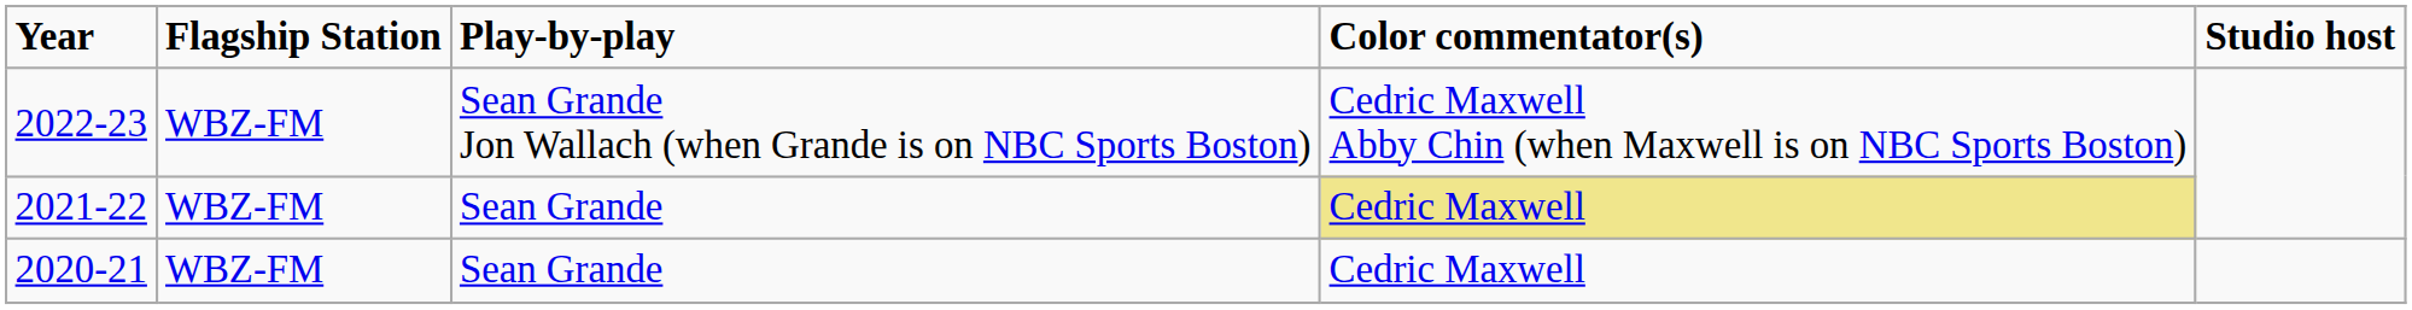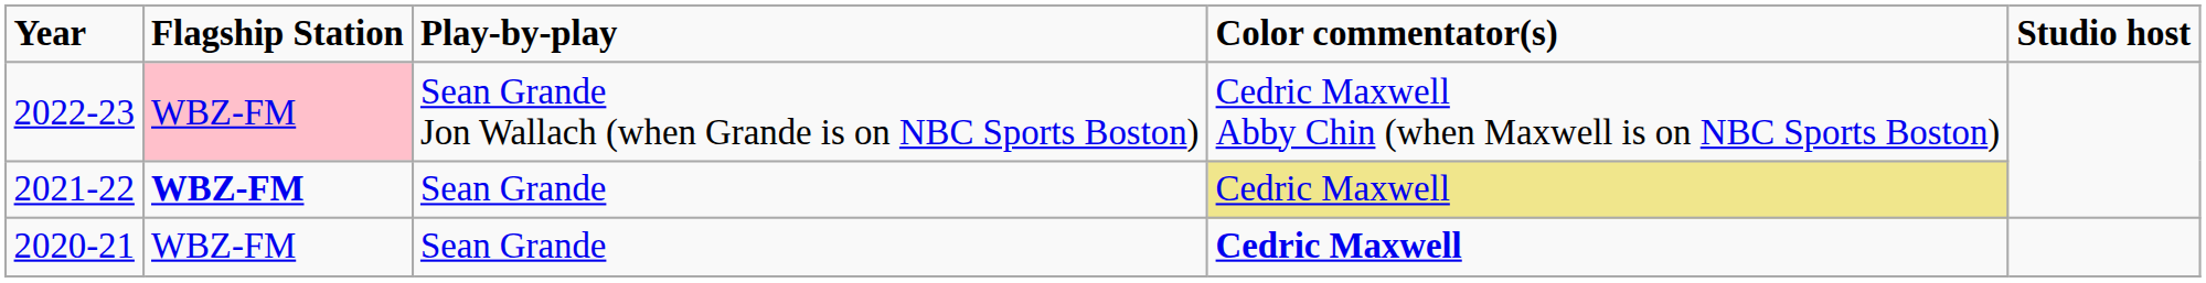 <table class="wikitable">
 <tr>
 <td><strong>Year</strong></td>
 <td><strong>Flagship Station</strong></td>
 <td><strong>Play-by-play</strong></td>
 <td><strong>Color commentator(s)</strong></td>
 <td><strong>Studio host</strong></td>
 </tr>
 <tr>
 <td><a href='#'>2022-23</a></td>
-<td><a href='#'>WBZ-FM</a></td>
+<td style="background: pink;"><a href='#'>WBZ-FM</a></td>
 <td><a href='#'>Sean Grande</a><br>Jon Wallach (when Grande is on <a href='#'>NBC Sports Boston</a>)</td>
 <td><a href='#'>Cedric Maxwell</a><br><a href='#'>Abby Chin</a> (when Maxwell is on <a href='#'>NBC Sports Boston</a>)</td>
 </tr>
 <tr>
 <td><a href='#'>2021-22</a></td>
-<td><a href='#'>WBZ-FM</a></td>
+<td><strong><a href='#'>WBZ-FM</a></strong></td>
 <td><a href='#'>Sean Grande</a></td>
 <td style="background: khaki;"><a href='#'>Cedric Maxwell</a></td>
 </tr>
 <tr>
 <td><a href='#'>2020-21</a></td>
 <td><a href='#'>WBZ-FM</a></td>
 <td><a href='#'>Sean Grande</a></td>
-<td><a href='#'>Cedric Maxwell</a></td>
+<td><strong><a href='#'>Cedric Maxwell</a></strong></td>
 <td></td>
 </tr>
 </table>
